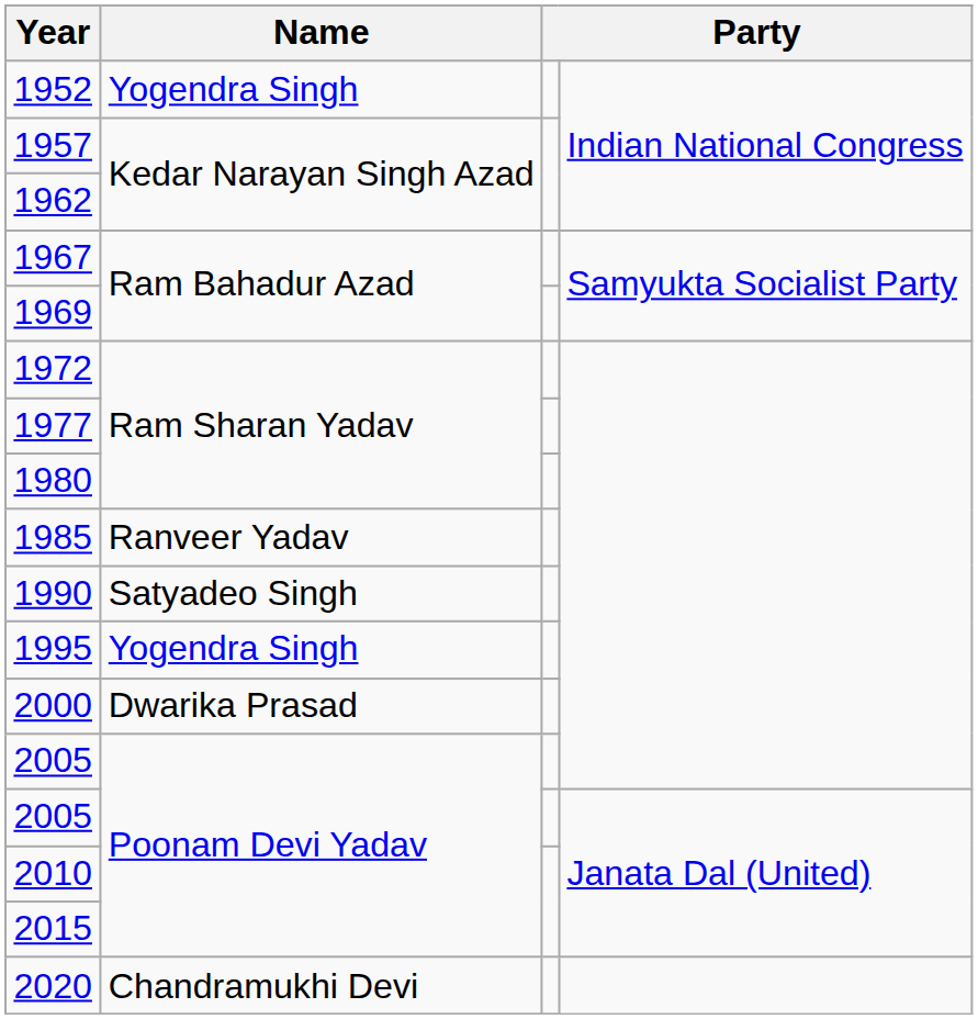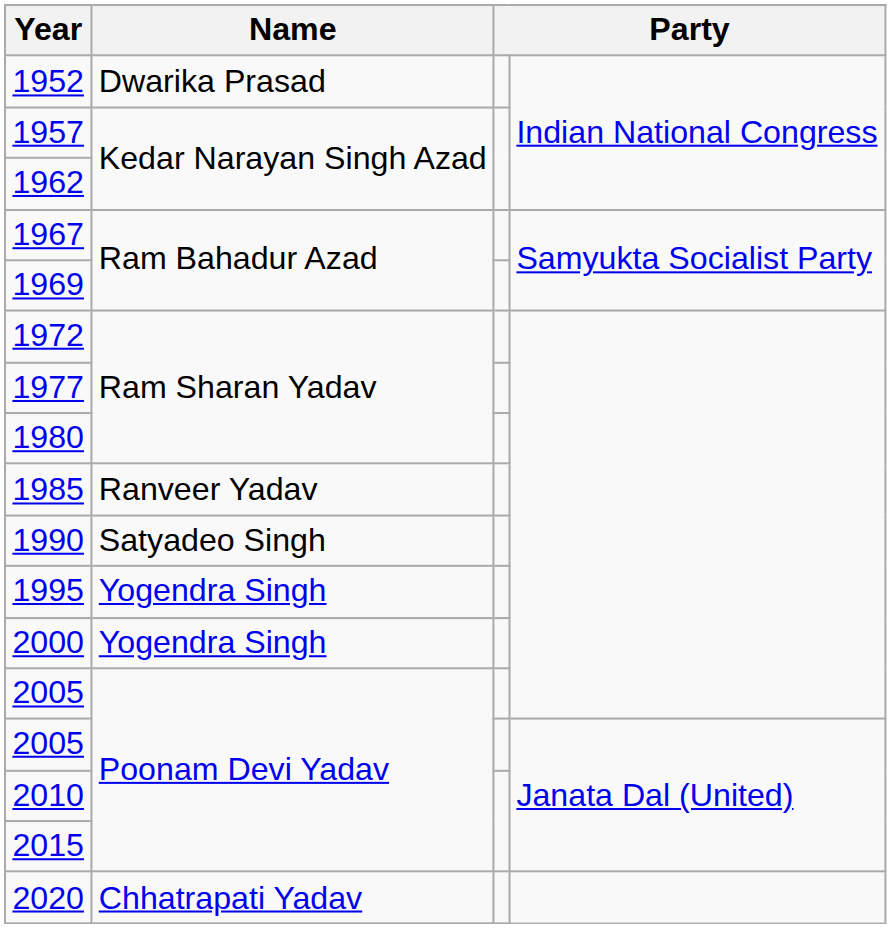 <table class="wikitable sortable">
 <tr>
 <th>Year</th>
 <th>Name</th>
 <th colspan="2">Party</th>
 </tr>
 <tr>
 <td><a href='#'>1952</a></td>
-<td><a href='#'>Yogendra Singh</a></td>
+<td>Dwarika Prasad</td>
 <td style="background-color: "></td>
 <td rowspan="3"><a href='#'>Indian National Congress</a></td>
 </tr>
 <tr>
 <td><a href='#'>1957</a></td>
 <td rowspan="2">Kedar Narayan Singh Azad</td>
 </tr>
 <tr>
 <td><a href='#'>1962</a></td>
 </tr>
 <tr>
 <td><a href='#'>1967</a></td>
 <td rowspan="2">Ram Bahadur Azad</td>
 <td style="background-color: "></td>
 <td rowspan="2"><a href='#'>Samyukta Socialist Party</a></td>
 </tr>
 <tr>
 <td><a href='#'>1969</a></td>
 </tr>
 <tr>
 <td><a href='#'>1972</a></td>
 <td rowspan="3">Ram Sharan Yadav</td>
 <td></td>
 </tr>
 <tr>
 <td><a href='#'>1977</a></td>
 <td></td>
 </tr>
 <tr>
 <td><a href='#'>1980</a></td>
 <td></td>
 </tr>
 <tr>
 <td><a href='#'>1985</a></td>
 <td>Ranveer Yadav</td>
 <td></td>
 </tr>
 <tr>
 <td><a href='#'>1990</a></td>
 <td>Satyadeo Singh</td>
 <td></td>
 </tr>
 <tr>
 <td><a href='#'>1995</a></td>
 <td><a href='#'>Yogendra Singh</a></td>
 <td></td>
 </tr>
 <tr>
 <td><a href='#'>2000</a></td>
-<td>Dwarika Prasad</td>
+<td><a href='#'>Yogendra Singh</a></td>
 <td></td>
 </tr>
 <tr>
 <td><a href='#'>2005</a></td>
 <td rowspan="4"><a href='#'>Poonam Devi Yadav</a></td>
 <td></td>
 </tr>
 <tr>
 <td><a href='#'>2005</a></td>
 <td style="background-color: "></td>
 <td rowspan="3"><a href='#'>Janata Dal (United)</a></td>
 </tr>
 <tr>
 <td><a href='#'>2010</a></td>
 </tr>
 <tr>
 <td><a href='#'>2015</a></td>
 </tr>
 <tr>
 <td><a href='#'>2020</a></td>
-<td>Chandramukhi Devi</td>
+<td><a href='#'>Chhatrapati Yadav</a></td>
 <td></td>
 </tr>
 <tr>
 </tr>
 </table>
